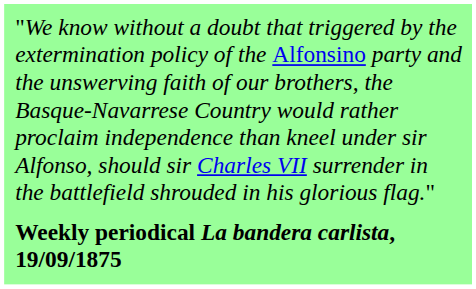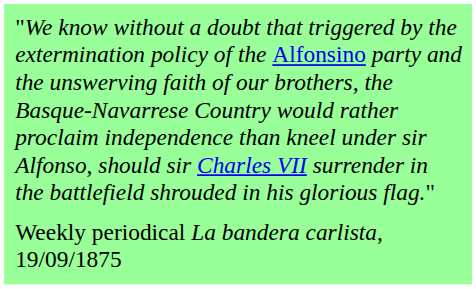 <table class="toccolours" style="float: right; margin-right: 0em; margin-right: 1em; font-size: 85%; background:#99FF99; color:black; width:20em; max-width:40%" cellspacing="5">
 <tr>
 <td align="left">"<em>We know without a doubt that triggered by the extermination policy of the <a href='#'></em>Alfonsino<em></a> party and the unswerving faith of our brothers, the Basque-Navarrese Country would rather proclaim independence than kneel under sir Alfonso, should sir <a href='#'>Charles VII</a> surrender in the battlefield shrouded in his glorious flag.</em>"</td>
 </tr>
 <tr>
-<td align="left"><strong>Weekly periodical <em>La bandera carlista</em>, 19/09/1875</strong></td>
+<td align="left">Weekly periodical <em>La bandera carlista</em>, 19/09/1875</td>
 </tr>
 </table>
